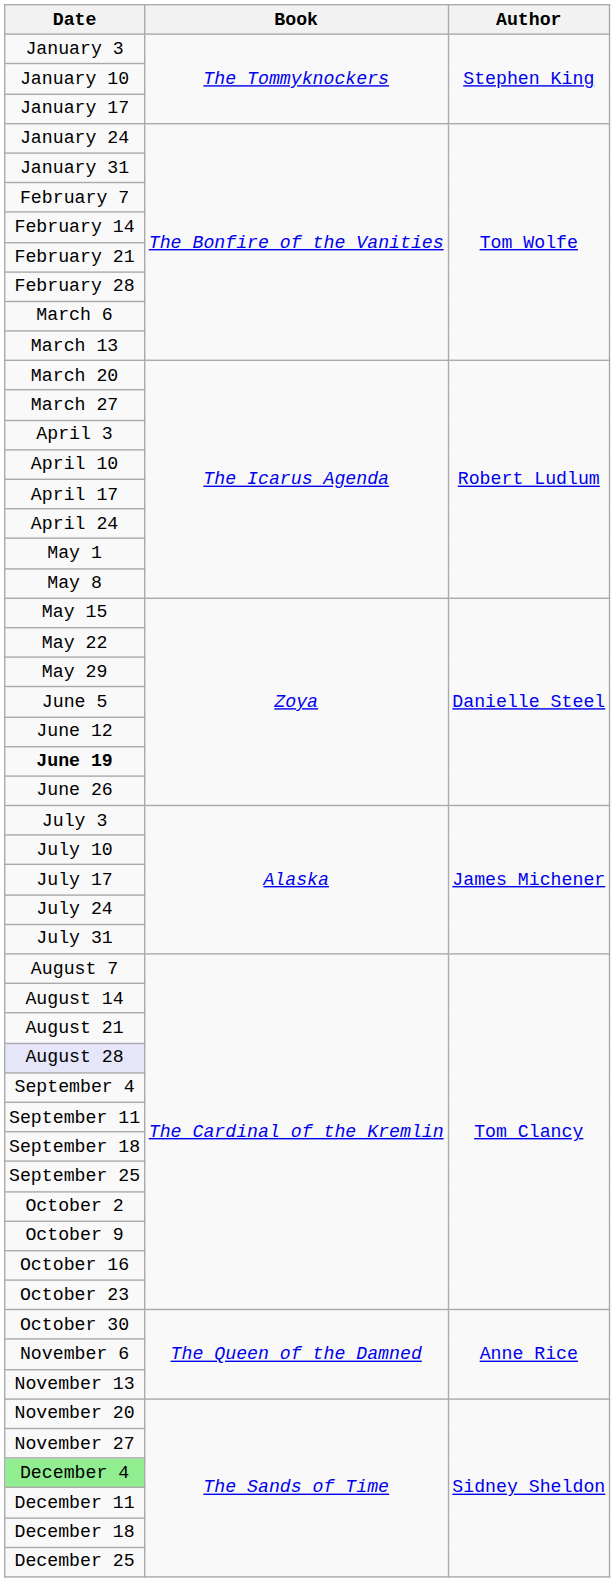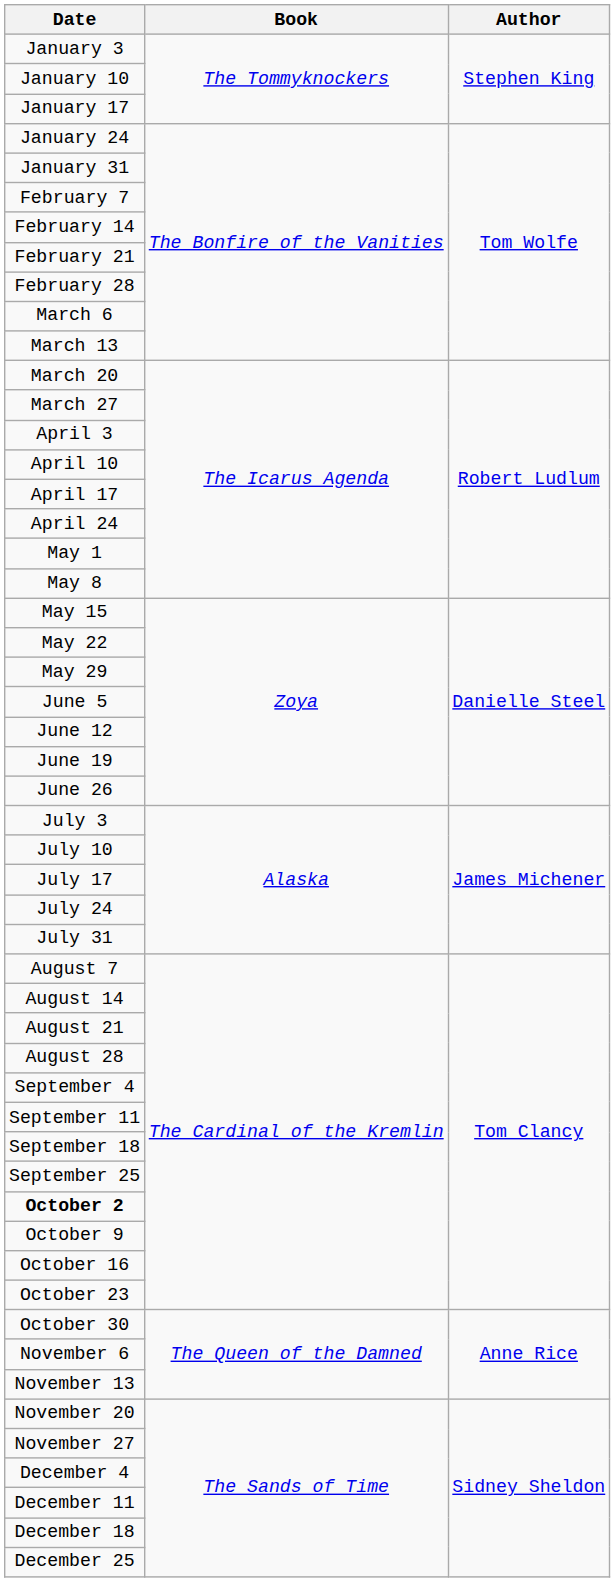 <table class="wikitable sortable" style="text-align: center">
 <tr>
 <th>Date</th>
 <th>Book</th>
 <th>Author</th>
 </tr>
 <tr>
 <td>January 3</td>
 <td rowspan=3><em><a href='#'>The Tommyknockers</a></em></td>
 <td rowspan=3><a href='#'>Stephen King</a></td>
 </tr>
 <tr>
 <td>January 10</td>
 </tr>
 <tr>
 <td>January 17</td>
 </tr>
 <tr>
 <td>January 24</td>
 <td rowspan=8><em><a href='#'>The Bonfire of the Vanities</a></em></td>
 <td rowspan=8><a href='#'>Tom Wolfe</a></td>
 </tr>
 <tr>
 <td>January 31</td>
 </tr>
 <tr>
 <td>February 7</td>
 </tr>
 <tr>
 <td>February 14</td>
 </tr>
 <tr>
 <td>February 21</td>
 </tr>
 <tr>
 <td>February 28</td>
 </tr>
 <tr>
 <td>March 6</td>
 </tr>
 <tr>
 <td>March 13</td>
 </tr>
 <tr>
 <td>March 20</td>
 <td rowspan=8><em><a href='#'>The Icarus Agenda</a></em></td>
 <td rowspan=8><a href='#'>Robert Ludlum</a></td>
 </tr>
 <tr>
 <td>March 27</td>
 </tr>
 <tr>
 <td>April 3</td>
 </tr>
 <tr>
 <td>April 10</td>
 </tr>
 <tr>
 <td>April 17</td>
 </tr>
 <tr>
 <td>April 24</td>
 </tr>
 <tr>
 <td>May 1</td>
 </tr>
 <tr>
 <td>May 8</td>
 </tr>
 <tr>
 <td>May 15</td>
 <td rowspan=7><em><a href='#'>Zoya</a></em></td>
 <td rowspan=7><a href='#'>Danielle Steel</a></td>
 </tr>
 <tr>
 <td>May 22</td>
 </tr>
 <tr>
 <td>May 29</td>
 </tr>
 <tr>
 <td>June 5</td>
 </tr>
 <tr>
 <td>June 12</td>
 </tr>
 <tr>
-<td><strong>June 19</strong></td>
+<td>June 19</td>
 </tr>
 <tr>
 <td>June 26</td>
 </tr>
 <tr>
 <td>July 3</td>
 <td rowspan=5><em><a href='#'>Alaska</a></em></td>
 <td rowspan=5><a href='#'>James Michener</a></td>
 </tr>
 <tr>
 <td>July 10</td>
 </tr>
 <tr>
 <td>July 17</td>
 </tr>
 <tr>
 <td>July 24</td>
 </tr>
 <tr>
 <td>July 31</td>
 </tr>
 <tr>
 <td>August 7</td>
 <td rowspan=12><em><a href='#'>The Cardinal of the Kremlin</a></em></td>
 <td rowspan=12><a href='#'>Tom Clancy</a></td>
 </tr>
 <tr>
 <td>August 14</td>
 </tr>
 <tr>
 <td>August 21</td>
 </tr>
 <tr>
-<td style="background: lavender;">August 28</td>
+<td>August 28</td>
 </tr>
 <tr>
 <td>September 4</td>
 </tr>
 <tr>
 <td>September 11</td>
 </tr>
 <tr>
 <td>September 18</td>
 </tr>
 <tr>
 <td>September 25</td>
 </tr>
 <tr>
-<td>October 2</td>
+<td><strong>October 2</strong></td>
 </tr>
 <tr>
 <td>October 9</td>
 </tr>
 <tr>
 <td>October 16</td>
 </tr>
 <tr>
 <td>October 23</td>
 </tr>
 <tr>
 <td>October 30</td>
 <td rowspan=3><em><a href='#'>The Queen of the Damned</a></em></td>
 <td rowspan=3><a href='#'>Anne Rice</a></td>
 </tr>
 <tr>
 <td>November 6</td>
 </tr>
 <tr>
 <td>November 13</td>
 </tr>
 <tr>
 <td>November 20</td>
 <td rowspan=6><em><a href='#'>The Sands of Time</a></em></td>
 <td rowspan=6><a href='#'>Sidney Sheldon</a></td>
 </tr>
 <tr>
 <td>November 27</td>
 </tr>
 <tr>
-<td style="background: lightgreen;">December 4</td>
+<td>December 4</td>
 </tr>
 <tr>
 <td>December 11</td>
 </tr>
 <tr>
 <td>December 18</td>
 </tr>
 <tr>
 <td>December 25</td>
 </tr>
 </table>
